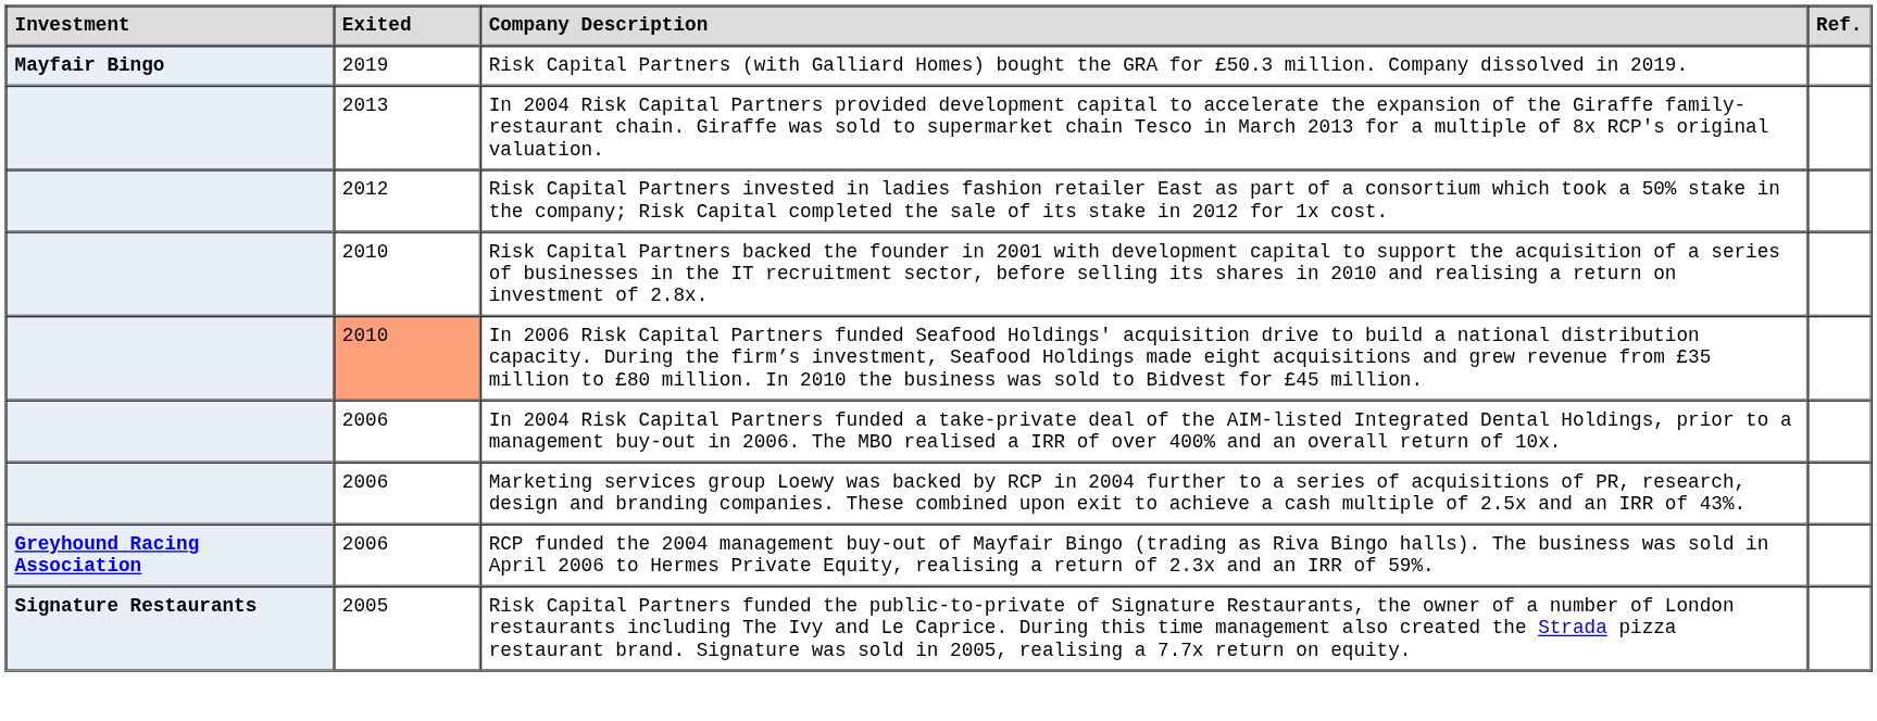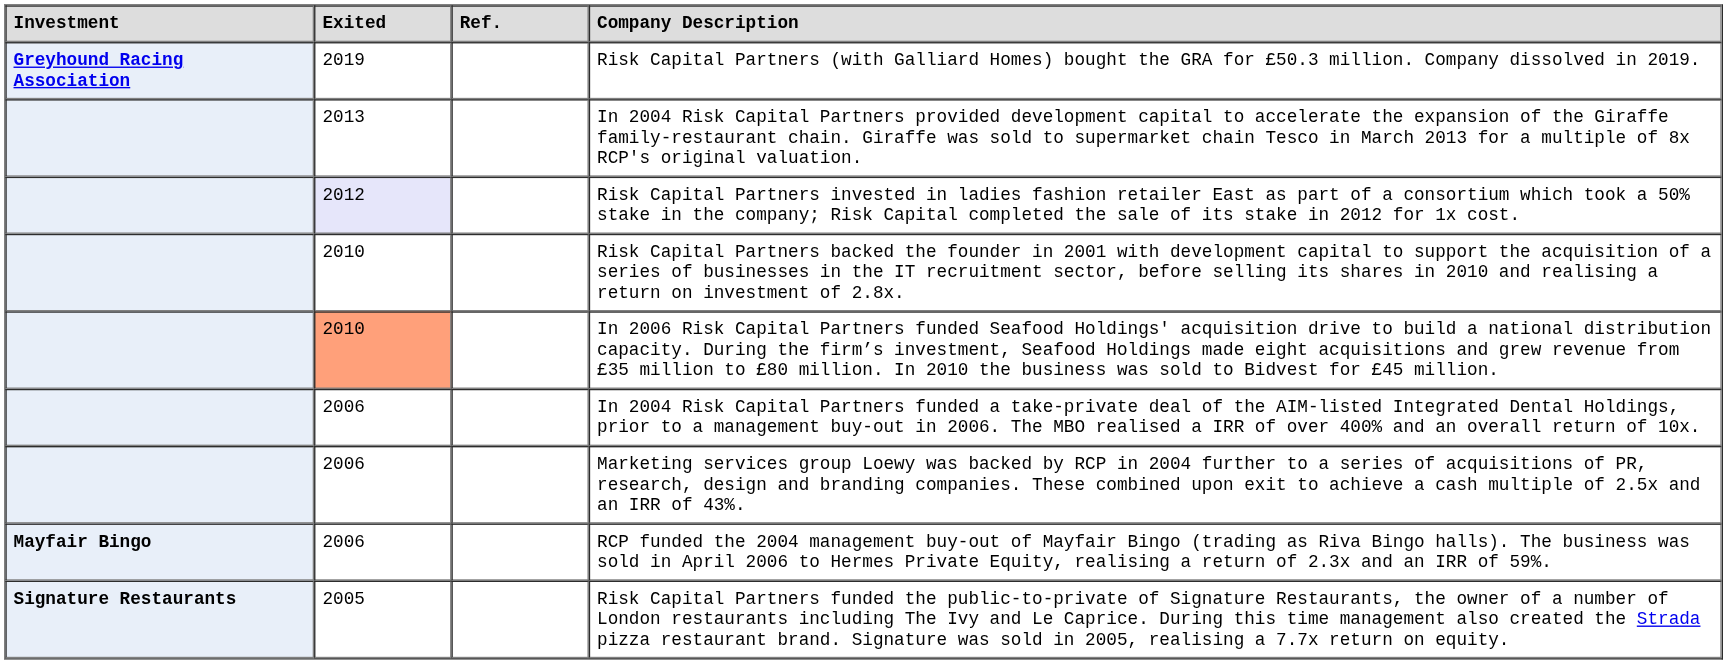 <table border=1 cellpadding=5 cellspacing=0>
 <tr bgcolor=DDDDDD cellpadding=2 cellspacing=0>
 <td width="18%" valign=top><strong>Investment</strong></td>
 <td width="8%" valign=top><strong>Exited</strong></td>
+<td width="8%" valign=top><strong>Ref.</strong></td>
 <td width="74%" valign=top><strong>Company Description</strong></td>
-<td width="8%" valign=top><strong>Ref.</strong></td>
 </tr>
 <tr>
-<td bgcolor=E8EFF9 width=“18%” valign=top><strong>Mayfair Bingo</strong></td>
+<td bgcolor=E8EFF9 width=“18%” valign=top><strong><a href='#'>Greyhound Racing Association</a></strong></td>
 <td width="8%" valign=top>2019</td>
+<td width="8%" valign=top></td>
 <td width="74%" valign=top>Risk Capital Partners (with Galliard Homes) bought the GRA for £50.3 million. Company dissolved in 2019.</td>
-<td width="8%" valign=top></td>
 </tr>
 <tr>
 <td bgcolor=E8EFF9 width=“18%” valign=top><strong></strong></td>
 <td width="8%" valign=top>2013</td>
+<td width="8%" valign=top></td>
 <td width="74%" valign=top>In 2004 Risk Capital Partners provided development capital to accelerate the expansion of the Giraffe family-restaurant chain. Giraffe was sold to supermarket chain Tesco in March 2013 for a multiple of 8x RCP's original valuation.</td>
-<td width="8%" valign=top></td>
 </tr>
 <tr>
 <td bgcolor=E8EFF9 width=“18%” valign=top><strong></strong></td>
-<td width="8%" valign=top>2012</td>
+<td width="8%" valign=top style="background: lavender;">2012</td>
+<td width="8%" valign=top></td>
 <td width="74%" valign=top>Risk Capital Partners invested in ladies fashion retailer East as part of a consortium which took a 50% stake in the company; Risk Capital completed the sale of its stake in 2012 for 1x cost.</td>
-<td width="8%" valign=top></td>
 </tr>
 <tr>
 <td bgcolor=E8EFF9 width=“18%” valign=top><strong></strong></td>
 <td width="8%" valign=top>2010</td>
+<td width="8%" valign=top></td>
 <td width="74%" valign=top>Risk Capital Partners backed the founder in 2001 with development capital to support the acquisition of a series of businesses in the IT recruitment sector, before selling its shares in 2010 and realising a return on investment of 2.8x.</td>
-<td width="8%" valign=top></td>
 </tr>
 <tr>
 <td bgcolor=E8EFF9 width=“18%” valign=top><strong></strong></td>
 <td width="8%" valign=top style="background: lightsalmon;">2010</td>
+<td width="8%" valign=top></td>
 <td width="74%" valign=top>In 2006 Risk Capital Partners funded Seafood Holdings' acquisition drive to build a national distribution capacity. During the firm’s investment, Seafood Holdings made eight acquisitions and grew revenue from £35 million to £80 million. In 2010 the business was sold to Bidvest for £45 million.</td>
-<td width="8%" valign=top></td>
 </tr>
 <tr>
 <td bgcolor=E8EFF9 width=“18%” valign=top><strong></strong></td>
 <td width="8%" valign=top>2006</td>
+<td width="8%" valign=top></td>
 <td width="74%" valign=top>In 2004 Risk Capital Partners funded a take-private deal of the AIM-listed Integrated Dental Holdings, prior to a management buy-out in 2006. The MBO realised a IRR of over 400% and an overall return of 10x.</td>
-<td width="8%" valign=top></td>
 </tr>
 <tr>
 <td bgcolor=E8EFF9 width=“18%” valign=top><strong></strong></td>
 <td width="8%" valign=top>2006</td>
+<td width="8%" valign=top></td>
 <td width="74%" valign=top>Marketing services group Loewy was backed by RCP in 2004 further to a series of acquisitions of PR, research, design and branding companies. These combined upon exit to achieve a cash multiple of 2.5x and an IRR of 43%.</td>
-<td width="8%" valign=top></td>
 </tr>
 <tr>
-<td bgcolor=E8EFF9 width=“18%” valign=top><strong><a href='#'>Greyhound Racing Association</a></strong></td>
+<td bgcolor=E8EFF9 width=“18%” valign=top><strong>Mayfair Bingo</strong></td>
 <td width="8%" valign=top>2006</td>
+<td width="8%" valign=top></td>
 <td width="74%" valign=top>RCP funded the 2004 management buy-out of Mayfair Bingo (trading as Riva Bingo halls). The business was sold in April 2006 to Hermes Private Equity, realising a return of 2.3x and an IRR of 59%.</td>
-<td width="8%" valign=top></td>
 </tr>
 <tr>
 <td bgcolor=E8EFF9 width=“18%” valign=top><strong>Signature Restaurants</strong></td>
 <td width="8%" valign=top>2005</td>
+<td width="8%" valign=top></td>
 <td width="74%" valign=top>Risk Capital Partners funded the public-to-private of Signature Restaurants, the owner of a number of London restaurants including The Ivy and Le Caprice. During this time management also created the <a href='#'>Strada</a> pizza restaurant brand. Signature was sold in 2005, realising a 7.7x return on equity.</td>
-<td width="8%" valign=top></td>
 </tr>
 </table>
